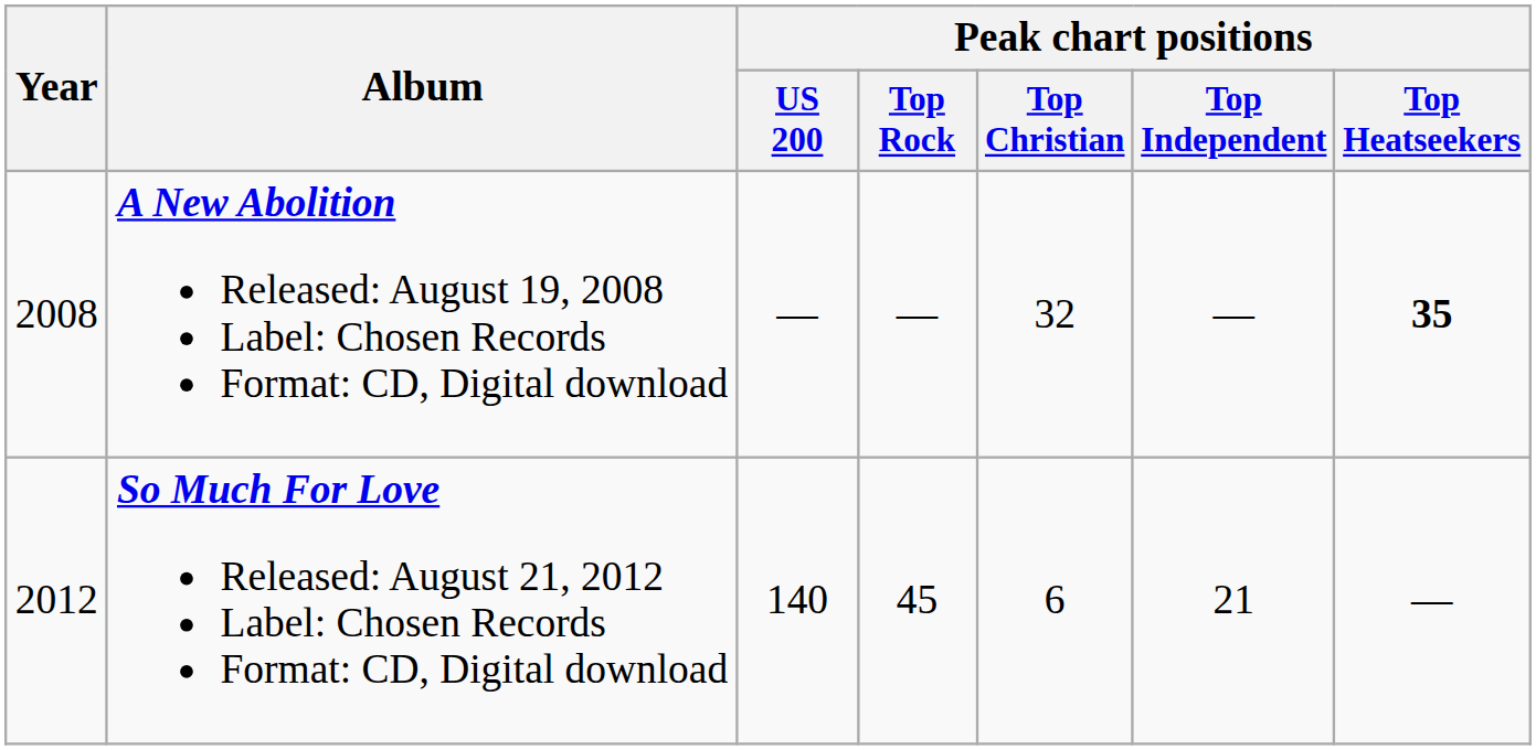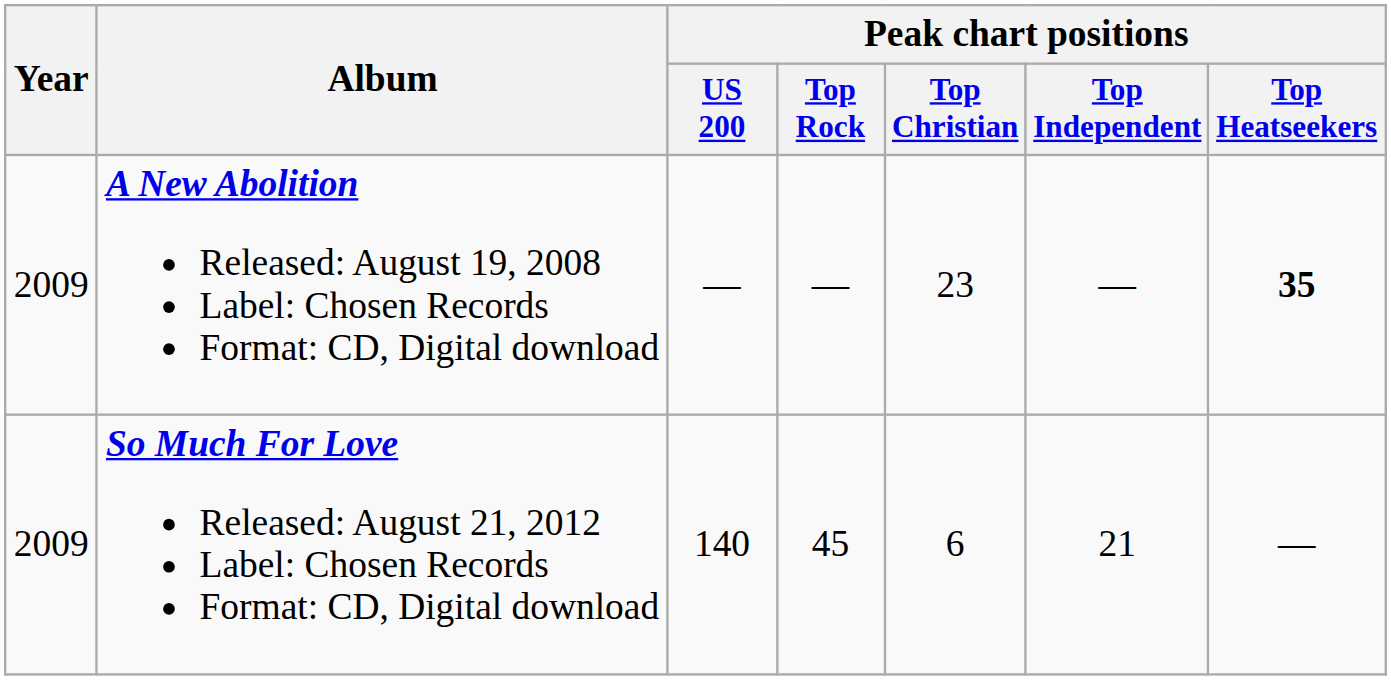 <table class="wikitable" style="text-align:center;">
 <tr>
 <th rowspan="2">Year</th>
 <th rowspan="2">Album</th>
 <th colspan="5">Peak chart positions</th>
 </tr>
 <tr style="font-size:smaller;">
 <th width="40"><a href='#'>US<br>200</a></th>
 <th width="40"><a href='#'>Top<br>Rock</a></th>
 <th width="40"><a href='#'>Top<br>Christian</a></th>
 <th width="40"><a href='#'>Top<br>Independent</a></th>
 <th width="40"><a href='#'>Top<br>Heatseekers</a></th>
 </tr>
 <tr>
-<td>2008</td>
+<td>2009</td>
 <td align="left"><strong><em><a href='#'>A New Abolition</a></em></strong><br><ul><li>Released: August 19, 2008</li><li>Label: Chosen Records</li><li>Format: CD, Digital download</li></ul></td>
 <td>—</td>
 <td>—</td>
-<td>32</td>
+<td>23</td>
 <td>—</td>
 <td><strong>35</strong></td>
 </tr>
 <tr>
-<td>2012</td>
+<td>2009</td>
 <td align="left"><strong><em><a href='#'>So Much For Love</a></em></strong><br><ul><li>Released: August 21, 2012</li><li>Label: Chosen Records</li><li>Format: CD, Digital download</li></ul></td>
 <td>140</td>
 <td>45</td>
 <td>6</td>
 <td>21</td>
 <td>—</td>
 </tr>
 </table>
